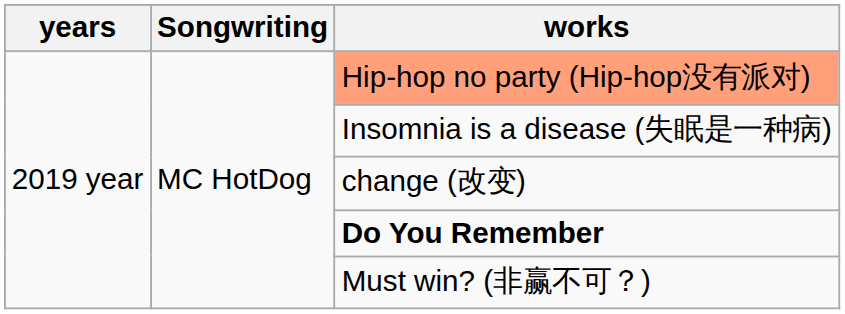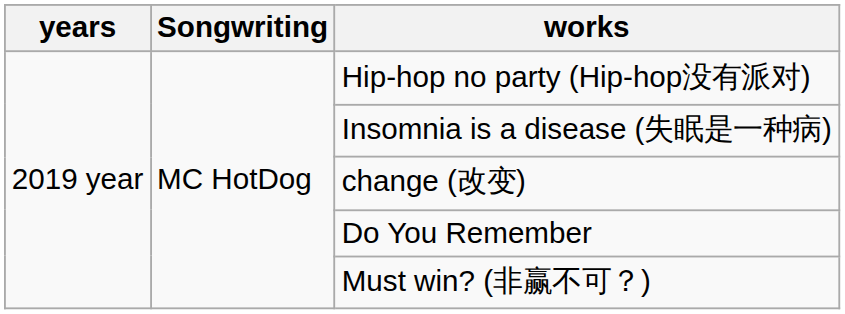 <table class="wikitable">
 <tr>
 <th>years</th>
 <th>Songwriting</th>
 <th>works</th>
 </tr>
 <tr>
 <td rowspan="5">2019 year</td>
 <td rowspan="5">MC HotDog</td>
-<td style="background: lightsalmon;">Hip-hop no party (Hip-hop没有派对)</td>
+<td>Hip-hop no party (Hip-hop没有派对)</td>
 </tr>
 <tr>
 <td>Insomnia is a disease (失眠是一种病)</td>
 </tr>
 <tr>
 <td>change (改变)</td>
 </tr>
 <tr>
-<td><strong>Do You Remember</strong></td>
+<td>Do You Remember</td>
 </tr>
 <tr>
 <td>Must win? (非赢不可？)</td>
 </tr>
 </table>
